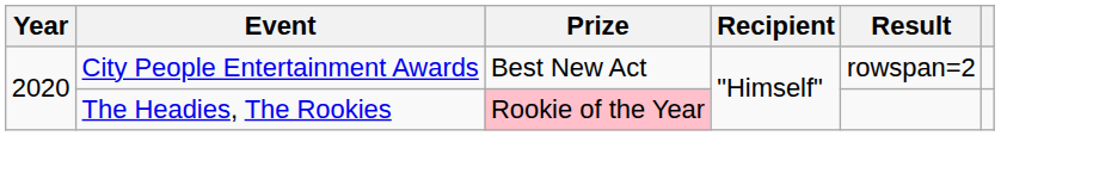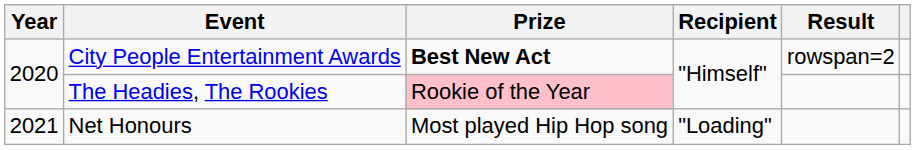 <table class="wikitable sortable plainrowheaders">
 <tr>
 <th>Year</th>
 <th>Event</th>
 <th>Prize</th>
 <th>Recipient</th>
 <th>Result</th>
 <th></th>
 </tr>
 <tr>
 <td rowspan=2>2020</td>
 <td><a href='#'>City People Entertainment Awards</a></td>
-<td>Best New Act</td>
+<td><strong>Best New Act</strong></td>
 <td rowspan=2>"Himself"</td>
 <td>rowspan=2 </td>
 <td></td>
 </tr>
 <tr>
 <td><a href='#'>The Headies</a>, <a href='#'>The Rookies</a></td>
 <td style="background: pink;">Rookie of the Year</td>
 <td></td>
 </tr>
+<tr>
+<td>2021</td>
+<td>Net Honours</td>
+<td>Most played Hip Hop song</td>
+<td>"Loading" </td>
+<td></td>
+<td></td>
+</tr>
 </table>
